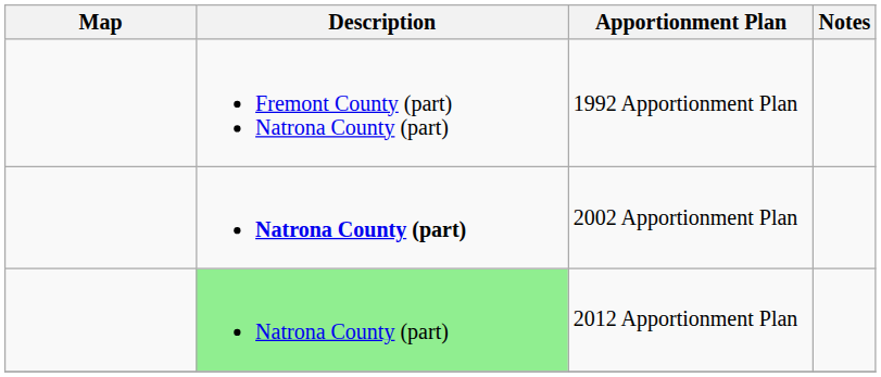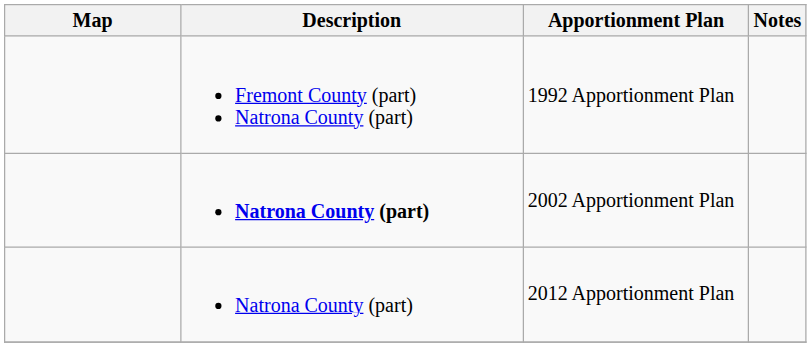 <table class="wikitable sortable">
 <tr>
 <th style="width:100pt;">Map</th>
 <th style="width:200pt;">Description</th>
 <th style="width:130pt;">Apportionment Plan</th>
 <th style="width:15pt;">Notes</th>
 </tr>
 <tr>
 <td></td>
 <td><br><ul><li><a href='#'>Fremont County</a> (part)</li><li><a href='#'>Natrona County</a> (part)</li></ul></td>
 <td>1992 Apportionment Plan</td>
 <td></td>
 </tr>
 <tr>
 <td></td>
 <td><strong><br><ul><li><a href='#'>Natrona County</a> (part)</li></ul></strong></td>
 <td>2002 Apportionment Plan</td>
 <td></td>
 </tr>
 <tr>
 <td></td>
-<td style="background: lightgreen;"><br><ul><li><a href='#'>Natrona County</a> (part)</li></ul></td>
+<td><br><ul><li><a href='#'>Natrona County</a> (part)</li></ul></td>
 <td>2012 Apportionment Plan</td>
 <td></td>
 </tr>
 <tr>
 </tr>
 </table>
